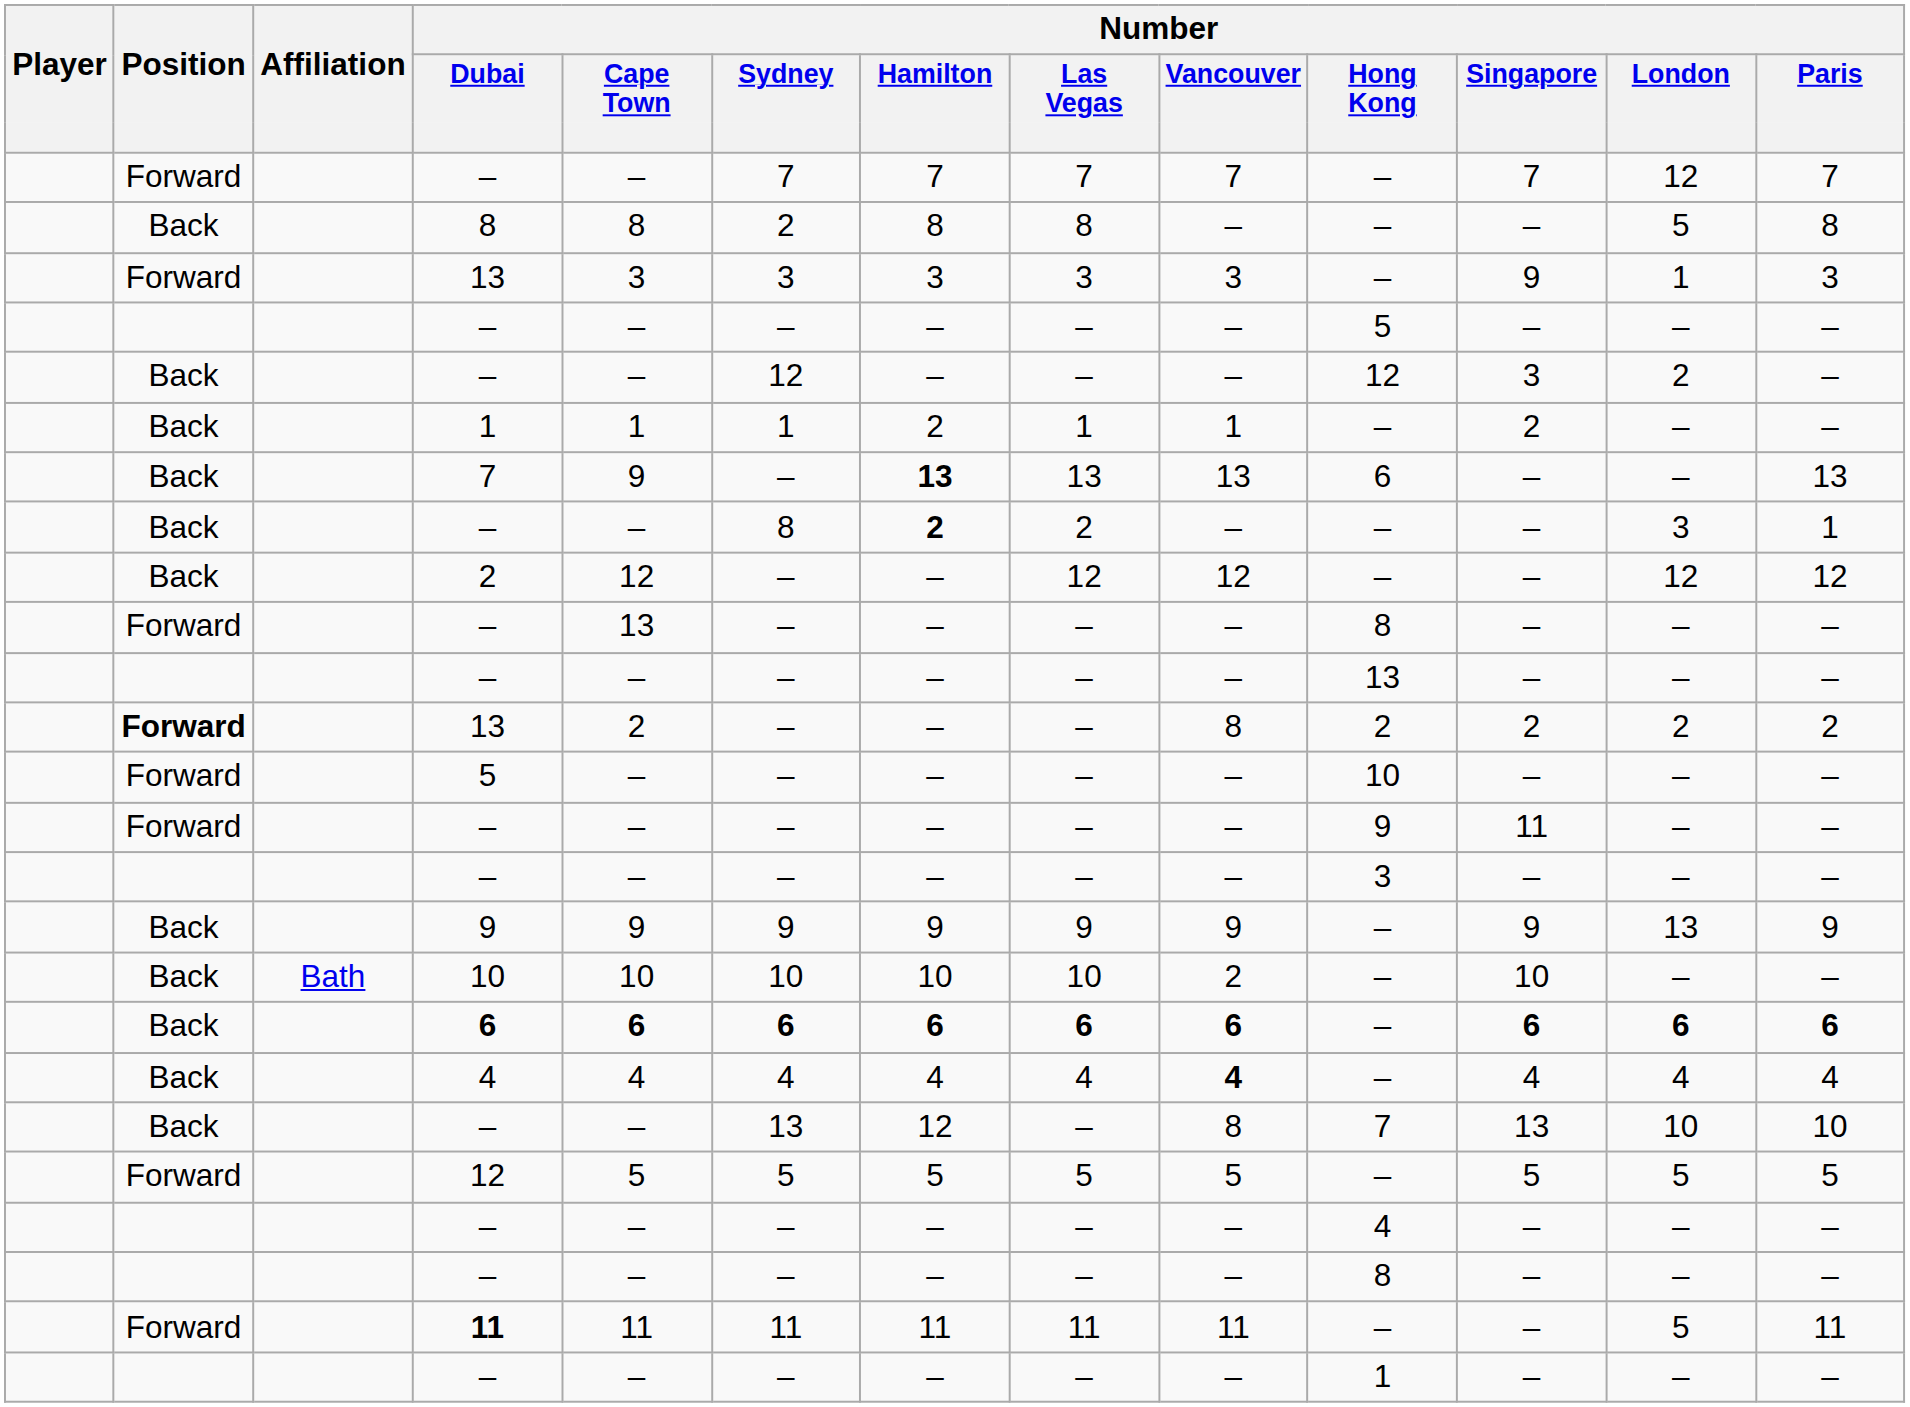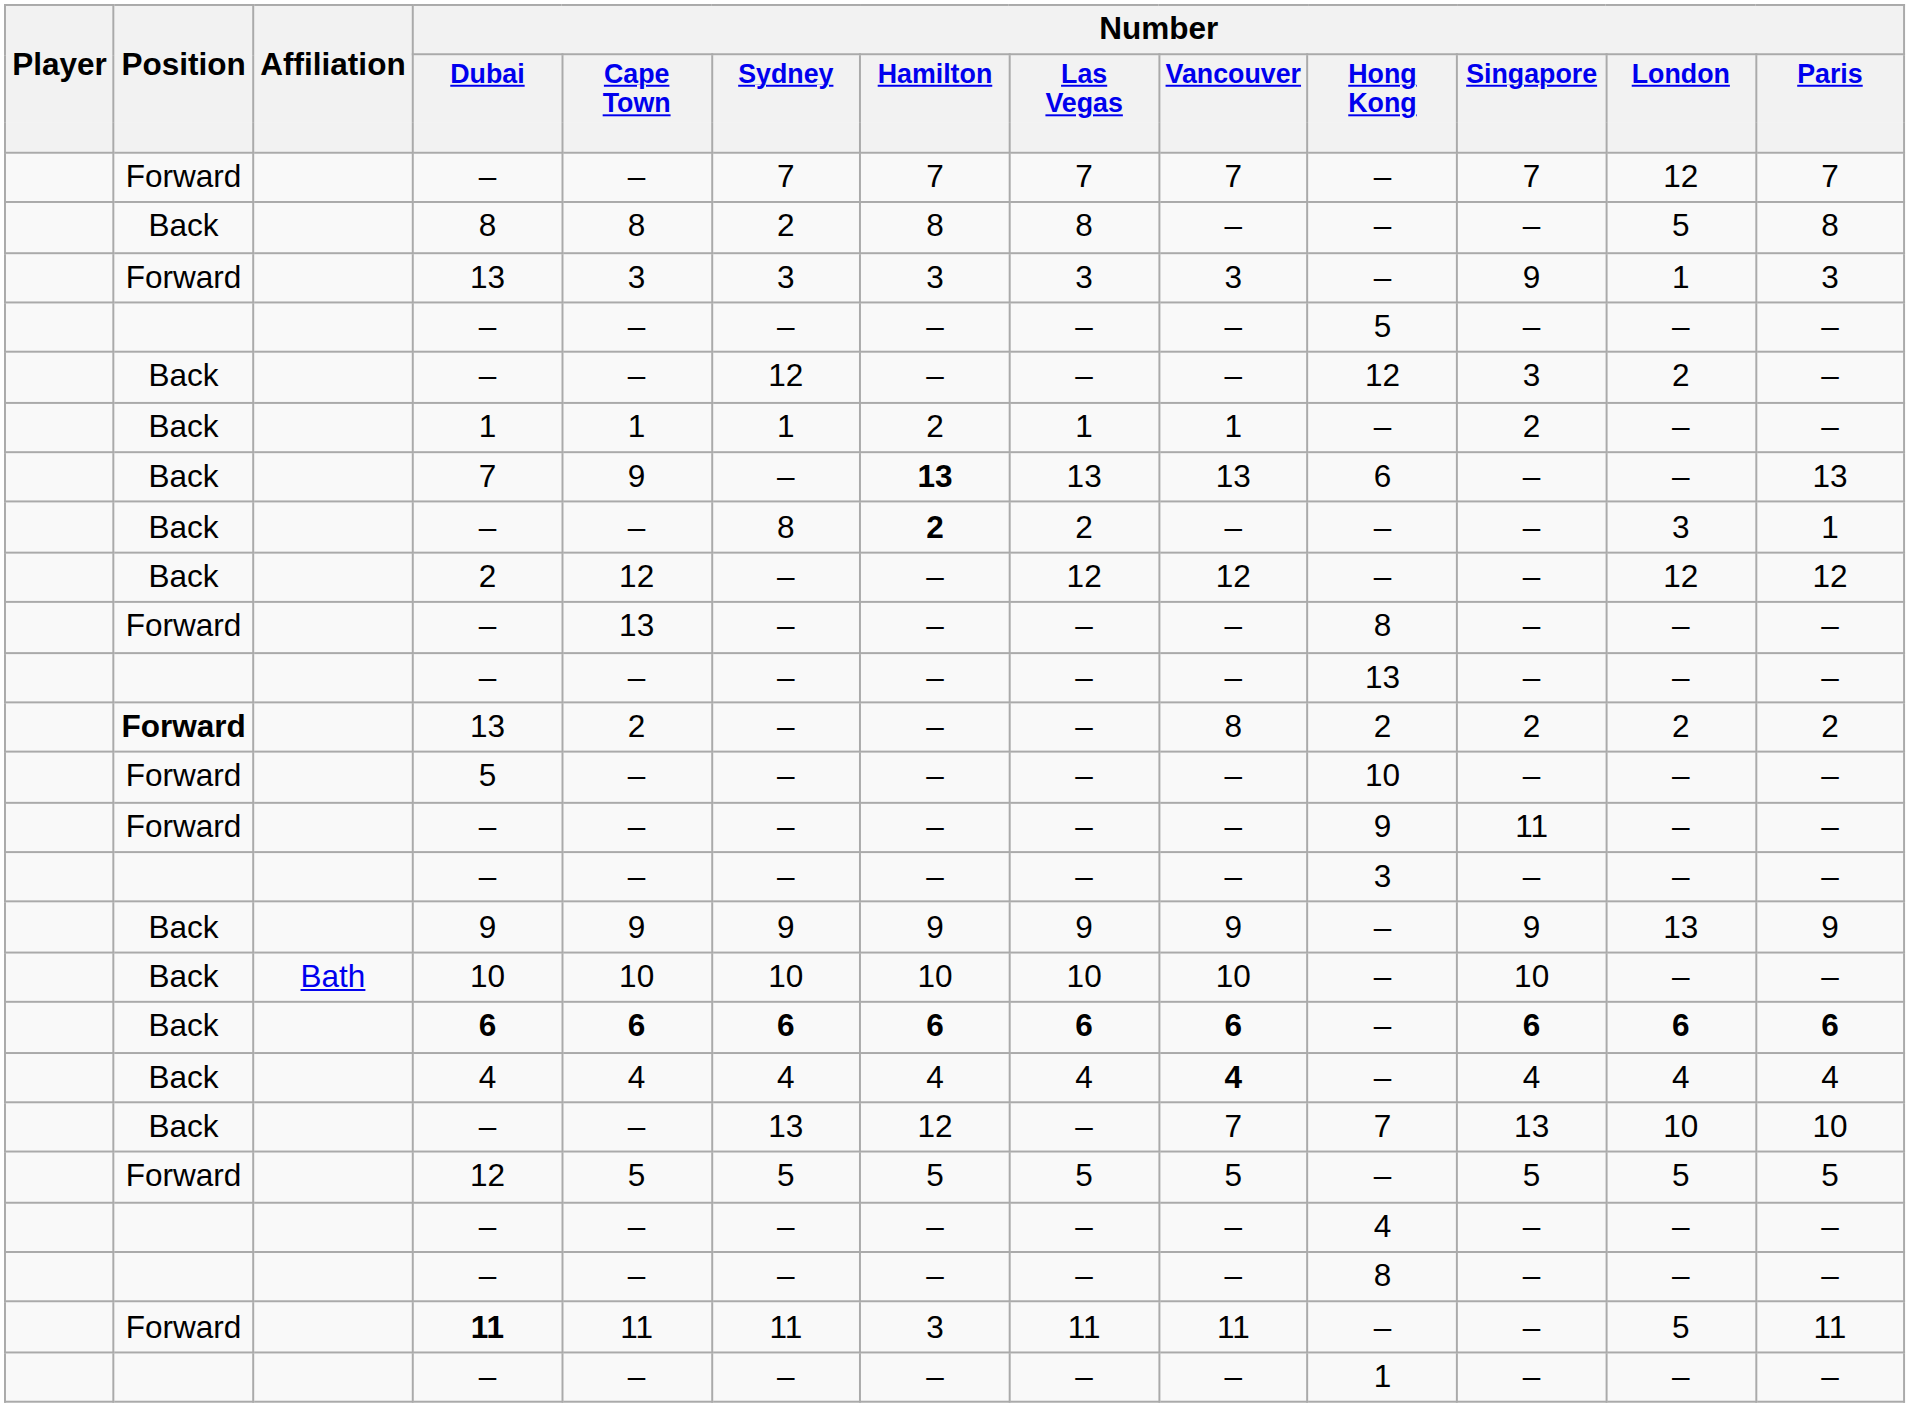 <table class="wikitable sortable" style="text-align:center;">
 <tr>
 <th rowspan=2 style="border-bottom:0px;">Player</th>
 <th rowspan=2 style="border-bottom:0px;">Position</th>
 <th rowspan=2 style="border-bottom:0px;">Affiliation</th>
 <th colspan=10>Number</th>
 </tr>
 <tr>
 <th valign=top style="width:5.2em; border-bottom:0px; padding:2px; font-size:85%;"><a href='#'>Dubai</a></th>
 <th valign=top style="width:5.2em; border-bottom:0px; padding:2px; font-size:85%;"><a href='#'>Cape Town</a></th>
 <th valign=top style="width:5.2em; border-bottom:0px; padding:2px; font-size:85%;"><a href='#'>Sydney</a></th>
 <th valign=top style="width:5.2em; border-bottom:0px; padding:2px; font-size:85%;"><a href='#'>Hamilton</a></th>
 <th valign=top style="width:5.2em; border-bottom:0px; padding:2px; font-size:85%;"><a href='#'>Las<br>Vegas</a></th>
 <th valign=top style="width:5.2em; border-bottom:0px; padding:2px; font-size:85%;"><a href='#'>Vancouver</a></th>
 <th valign=top style="width:5.2em; border-bottom:0px; padding:2px; font-size:85%;"><a href='#'>Hong Kong</a></th>
 <th valign=top style="width:5.2em; border-bottom:0px; padding:2px; font-size:85%;"><a href='#'>Singapore</a></th>
 <th valign=top style="width:5.2em; border-bottom:0px; padding:2px; font-size:85%;"><a href='#'>London</a></th>
 <th valign=top style="width:5.2em; border-bottom:0px; padding:2px; font-size:85%;"><a href='#'>Paris</a></th>
 </tr>
 <tr style="line-height:8px;">
 <th style="border-top:0px;"> </th>
 <th style="border-top:0px;"></th>
 <th style="border-top:0px;"></th>
 <th data-sort-type="number" style="border-top:0px;"></th>
 <th data-sort-type="number" style="border-top:0px;"></th>
 <th data-sort-type="number" style="border-top:0px;"></th>
 <th data-sort-type="number" style="border-top:0px;"></th>
 <th data-sort-type="number" style="border-top:0px;"></th>
 <th data-sort-type="number" style="border-top:0px;"></th>
 <th data-sort-type="number" style="border-top:0px;"></th>
 <th data-sort-type="number" style="border-top:0px;"></th>
 <th data-sort-type="number" style="border-top:0px;"></th>
 <th data-sort-type="number" style="border-top:0px;"></th>
 </tr>
 <tr>
 <td align=left></td>
 <td>Forward</td>
 <td></td>
 <td>–</td>
 <td>–</td>
 <td>7</td>
 <td>7</td>
 <td>7</td>
 <td>7</td>
 <td>–</td>
 <td>7</td>
 <td>12</td>
 <td>7</td>
 </tr>
 <tr>
 <td align=left></td>
 <td>Back</td>
 <td></td>
 <td>8</td>
 <td>8</td>
 <td>2</td>
 <td>8</td>
 <td>8</td>
 <td>–</td>
 <td>–</td>
 <td>–</td>
 <td>5</td>
 <td>8</td>
 </tr>
 <tr>
 <td align=left></td>
 <td>Forward</td>
 <td></td>
 <td>13</td>
 <td>3</td>
 <td>3</td>
 <td>3</td>
 <td>3</td>
 <td>3</td>
 <td>–</td>
 <td>9</td>
 <td>1</td>
 <td>3</td>
 </tr>
 <tr>
 <td align=left></td>
 <td></td>
 <td></td>
 <td>–</td>
 <td>–</td>
 <td>–</td>
 <td>–</td>
 <td>–</td>
 <td>–</td>
 <td>5</td>
 <td>–</td>
 <td>–</td>
 <td>–</td>
 </tr>
 <tr>
 <td align=left></td>
 <td>Back</td>
 <td></td>
 <td>–</td>
 <td>–</td>
 <td>12</td>
 <td>–</td>
 <td>–</td>
 <td>–</td>
 <td>12</td>
 <td>3</td>
 <td>2</td>
 <td>–</td>
 </tr>
 <tr>
 <td align=left></td>
 <td>Back</td>
 <td></td>
 <td>1</td>
 <td>1</td>
 <td>1</td>
 <td>2</td>
 <td>1</td>
 <td>1</td>
 <td>–</td>
 <td>2</td>
 <td>–</td>
 <td>–</td>
 </tr>
 <tr>
 <td align=left></td>
 <td>Back</td>
 <td></td>
 <td>7</td>
 <td>9</td>
 <td>–</td>
 <td><strong>13</strong></td>
 <td>13</td>
 <td>13</td>
 <td>6</td>
 <td>–</td>
 <td>–</td>
 <td>13</td>
 </tr>
 <tr>
 <td align=left></td>
 <td>Back</td>
 <td></td>
 <td>–</td>
 <td>–</td>
 <td>8</td>
 <td><strong>2</strong></td>
 <td>2</td>
 <td>–</td>
 <td>–</td>
 <td>–</td>
 <td>3</td>
 <td>1</td>
 </tr>
 <tr>
 <td align=left></td>
 <td>Back</td>
 <td></td>
 <td>2</td>
 <td>12</td>
 <td>–</td>
 <td>–</td>
 <td>12</td>
 <td>12</td>
 <td>–</td>
 <td>–</td>
 <td>12</td>
 <td>12</td>
 </tr>
 <tr>
 <td align=left></td>
 <td>Forward</td>
 <td></td>
 <td>–</td>
 <td>13</td>
 <td>–</td>
 <td>–</td>
 <td>–</td>
 <td>–</td>
 <td>8</td>
 <td>–</td>
 <td>–</td>
 <td>–</td>
 </tr>
 <tr>
 <td align=left></td>
 <td></td>
 <td></td>
 <td>–</td>
 <td>–</td>
 <td>–</td>
 <td>–</td>
 <td>–</td>
 <td>–</td>
 <td>13</td>
 <td>–</td>
 <td>–</td>
 <td>–</td>
 </tr>
 <tr>
 <td align=left></td>
 <td><strong>Forward</strong></td>
 <td></td>
 <td>13</td>
 <td>2</td>
 <td>–</td>
 <td>–</td>
 <td>–</td>
 <td>8</td>
 <td>2</td>
 <td>2</td>
 <td>2</td>
 <td>2</td>
 </tr>
 <tr>
 <td align=left></td>
 <td>Forward</td>
 <td></td>
 <td>5</td>
 <td>–</td>
 <td>–</td>
 <td>–</td>
 <td>–</td>
 <td>–</td>
 <td>10</td>
 <td>–</td>
 <td>–</td>
 <td>–</td>
 </tr>
 <tr>
 <td align=left></td>
 <td>Forward</td>
 <td></td>
 <td>–</td>
 <td>–</td>
 <td>–</td>
 <td>–</td>
 <td>–</td>
 <td>–</td>
 <td>9</td>
 <td>11</td>
 <td>–</td>
 <td>–</td>
 </tr>
 <tr>
 <td align=left></td>
 <td></td>
 <td></td>
 <td>–</td>
 <td>–</td>
 <td>–</td>
 <td>–</td>
 <td>–</td>
 <td>–</td>
 <td>3</td>
 <td>–</td>
 <td>–</td>
 <td>–</td>
 </tr>
 <tr>
 <td align=left></td>
 <td>Back</td>
 <td></td>
 <td>9</td>
 <td>9</td>
 <td>9</td>
 <td>9</td>
 <td>9</td>
 <td>9</td>
 <td>–</td>
 <td>9</td>
 <td>13</td>
 <td>9</td>
 </tr>
 <tr>
 <td align=left></td>
 <td>Back</td>
 <td><a href='#'>Bath</a></td>
 <td>10</td>
 <td>10</td>
 <td>10</td>
 <td>10</td>
 <td>10</td>
-<td>2</td>
+<td>10</td>
 <td>–</td>
 <td>10</td>
 <td>–</td>
 <td>–</td>
 </tr>
 <tr>
 <td align=left></td>
 <td>Back</td>
 <td></td>
 <td><strong>6</strong></td>
 <td><strong>6</strong></td>
 <td><strong>6</strong></td>
 <td><strong>6</strong></td>
 <td><strong>6</strong></td>
 <td><strong>6</strong></td>
 <td>–</td>
 <td><strong>6</strong></td>
 <td><strong>6</strong></td>
 <td><strong>6</strong></td>
 </tr>
 <tr>
 <td align=left></td>
 <td>Back</td>
 <td></td>
 <td>4</td>
 <td>4</td>
 <td>4</td>
 <td>4</td>
 <td>4</td>
 <td><strong>4</strong></td>
 <td>–</td>
 <td>4</td>
 <td>4</td>
 <td>4</td>
 </tr>
 <tr>
 <td align=left></td>
 <td>Back</td>
 <td></td>
 <td>–</td>
 <td>–</td>
 <td>13</td>
 <td>12</td>
 <td>–</td>
-<td>8</td>
+<td>7</td>
 <td>7</td>
 <td>13</td>
 <td>10</td>
 <td>10</td>
 </tr>
 <tr>
 <td align=left></td>
 <td>Forward</td>
 <td></td>
 <td>12</td>
 <td>5</td>
 <td>5</td>
 <td>5</td>
 <td>5</td>
 <td>5</td>
 <td>–</td>
 <td>5</td>
 <td>5</td>
 <td>5</td>
 </tr>
 <tr>
 <td align=left></td>
 <td></td>
 <td></td>
 <td>–</td>
 <td>–</td>
 <td>–</td>
 <td>–</td>
 <td>–</td>
 <td>–</td>
 <td>4</td>
 <td>–</td>
 <td>–</td>
 <td>–</td>
 </tr>
 <tr>
 <td align=left></td>
 <td></td>
 <td></td>
 <td>–</td>
 <td>–</td>
 <td>–</td>
 <td>–</td>
 <td>–</td>
 <td>–</td>
 <td>8</td>
 <td>–</td>
 <td>–</td>
 <td>–</td>
 </tr>
 <tr>
 <td align=left></td>
 <td>Forward</td>
 <td></td>
 <td><strong>11</strong></td>
 <td>11</td>
 <td>11</td>
-<td>11</td>
+<td>3</td>
 <td>11</td>
 <td>11</td>
 <td>–</td>
 <td>–</td>
 <td>5</td>
 <td>11</td>
 </tr>
 <tr>
 <td align=left></td>
 <td></td>
 <td></td>
 <td>–</td>
 <td>–</td>
 <td>–</td>
 <td>–</td>
 <td>–</td>
 <td>–</td>
 <td>1</td>
 <td>–</td>
 <td>–</td>
 <td>–</td>
 </tr>
 </table>
